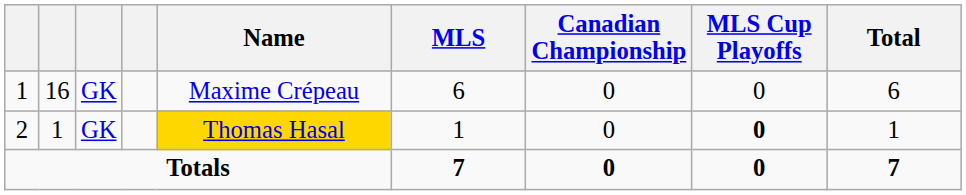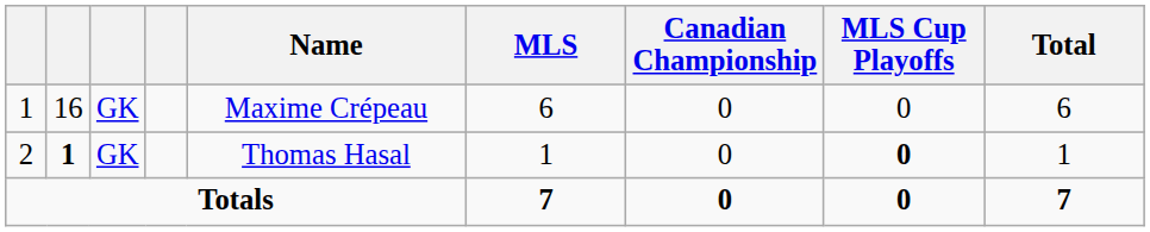 <table class="wikitable" style="text-align:center">
 <tr>
 <th width=15></th>
 <th width=15></th>
 <th width=15></th>
 <th width=15></th>
 <th width=145>Name</th>
 <th width=80><strong><a href='#'>MLS</a></strong></th>
 <th width=80><strong><a href='#'>Canadian Championship</a></strong></th>
 <th width=80><strong><a href='#'>MLS Cup Playoffs</a></strong></th>
 <th width=80>Total</th>
 </tr>
 <tr>
 <td rowspan=1>1</td>
 <td>16</td>
 <td><a href='#'>GK</a></td>
 <td></td>
 <td><a href='#'>Maxime Crépeau</a></td>
 <td>6</td>
 <td>0</td>
 <td>0</td>
 <td>6</td>
 </tr>
 <tr>
 <td rowspan=1>2</td>
-<td>1</td>
+<td><strong>1</strong></td>
 <td><a href='#'>GK</a></td>
 <td></td>
-<td style="background: gold;"><a href='#'>Thomas Hasal</a></td>
+<td><a href='#'>Thomas Hasal</a></td>
 <td>1</td>
 <td>0</td>
 <td><strong>0</strong></td>
 <td>1</td>
 </tr>
 <tr>
 <td colspan="5"><strong>Totals</strong></td>
 <td><strong>7</strong></td>
 <td><strong>0</strong></td>
 <td><strong>0</strong></td>
 <td><strong>7</strong></td>
 </tr>
 </table>
